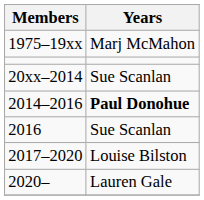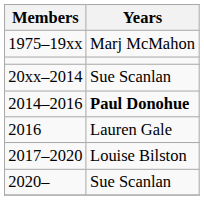 <table class="wikitable collapsible">
 <tr>
 <th>Members</th>
 <th>Years</th>
 </tr>
 <tr>
 <td>1975–19xx</td>
 <td>Marj McMahon</td>
 </tr>
 <tr>
 <td></td>
 </tr>
 <tr>
 <td>20xx–2014</td>
 <td>Sue Scanlan</td>
 </tr>
 <tr>
 <td>2014–2016</td>
 <td><strong>Paul Donohue</strong></td>
 </tr>
 <tr>
 <td>2016</td>
-<td>Sue Scanlan</td>
+<td>Lauren Gale</td>
 </tr>
 <tr>
 <td>2017–2020</td>
 <td>Louise Bilston</td>
 </tr>
 <tr>
 <td>2020–</td>
-<td>Lauren Gale</td>
+<td>Sue Scanlan</td>
 </tr>
 <tr>
 </tr>
 </table>
